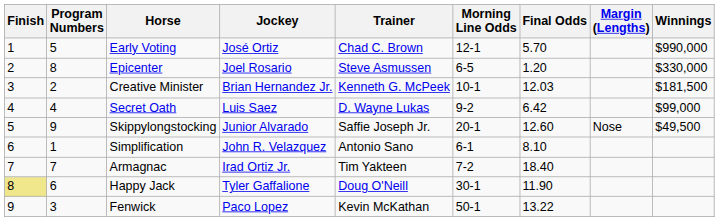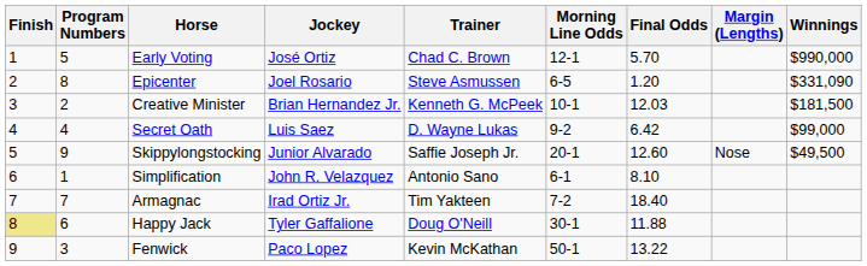 <table class="wikitable sortable">
 <tr>
 <th scope="col">Finish</th>
 <th scope="col">Program<br>Numbers</th>
 <th scope="col">Horse</th>
 <th scope="col">Jockey</th>
 <th scope="col">Trainer</th>
 <th scope="col">Morning<br>Line Odds</th>
 <th scope="col">Final Odds</th>
 <th scope="col"><a href='#'>Margin</a><br>(<a href='#'>Lengths</a>)</th>
 <th scope="col">Winnings</th>
 </tr>
 <tr>
 <td>1</td>
 <td>5</td>
 <td><a href='#'>Early Voting</a></td>
 <td><a href='#'>José Ortiz</a></td>
 <td><a href='#'>Chad C. Brown</a></td>
 <td>12-1</td>
 <td>5.70</td>
 <td></td>
 <td>$990,000</td>
 </tr>
 <tr>
 <td>2</td>
 <td>8</td>
 <td><a href='#'>Epicenter</a></td>
 <td><a href='#'>Joel Rosario</a></td>
 <td><a href='#'>Steve Asmussen</a></td>
 <td>6-5</td>
 <td>1.20</td>
 <td></td>
-<td>$330,000</td>
+<td>$331,090</td>
 </tr>
 <tr>
 <td>3</td>
 <td>2</td>
 <td>Creative Minister</td>
 <td><a href='#'>Brian Hernandez Jr.</a></td>
 <td><a href='#'>Kenneth G. McPeek</a></td>
 <td>10-1</td>
 <td>12.03</td>
 <td></td>
 <td>$181,500</td>
 </tr>
 <tr>
 <td>4</td>
 <td>4</td>
 <td><a href='#'>Secret Oath</a></td>
 <td><a href='#'>Luis Saez</a></td>
 <td><a href='#'>D. Wayne Lukas</a></td>
 <td>9-2</td>
 <td>6.42</td>
 <td></td>
 <td>$99,000</td>
 </tr>
 <tr>
 <td>5</td>
 <td>9</td>
 <td>Skippylongstocking</td>
 <td><a href='#'>Junior Alvarado</a></td>
 <td>Saffie Joseph Jr.</td>
 <td>20-1</td>
 <td>12.60</td>
 <td>Nose</td>
 <td>$49,500</td>
 </tr>
 <tr>
 <td>6</td>
 <td>1</td>
 <td>Simplification</td>
 <td><a href='#'>John R. Velazquez</a></td>
 <td>Antonio Sano</td>
 <td>6-1</td>
 <td>8.10</td>
 <td></td>
 <td></td>
 </tr>
 <tr>
 <td>7</td>
 <td>7</td>
 <td>Armagnac</td>
 <td><a href='#'>Irad Ortiz Jr.</a></td>
 <td>Tim Yakteen</td>
 <td>7-2</td>
 <td>18.40</td>
 <td></td>
 <td></td>
 </tr>
 <tr>
 <td style="background: khaki;">8</td>
 <td>6</td>
 <td>Happy Jack</td>
 <td><a href='#'>Tyler Gaffalione</a></td>
 <td><a href='#'>Doug O'Neill</a></td>
 <td>30-1</td>
-<td>11.90</td>
+<td>11.88</td>
 <td></td>
 <td></td>
 </tr>
 <tr>
 <td>9</td>
 <td>3</td>
 <td>Fenwick</td>
 <td><a href='#'>Paco Lopez</a></td>
 <td>Kevin McKathan</td>
 <td>50-1</td>
 <td>13.22</td>
 <td></td>
 <td></td>
 </tr>
 </table>
